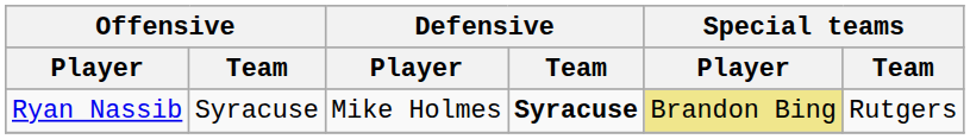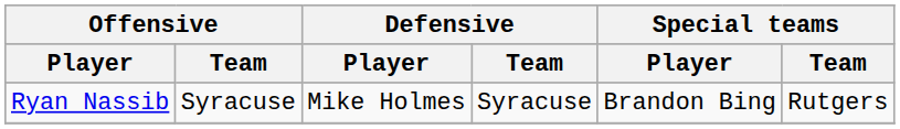 <table class="wikitable" border="1">
 <tr>
 <th colspan="2">Offensive</th>
 <th colspan="2">Defensive</th>
 <th colspan="2">Special teams</th>
 </tr>
 <tr>
 <th>Player</th>
 <th>Team</th>
 <th>Player</th>
 <th>Team</th>
 <th>Player</th>
 <th>Team</th>
 </tr>
 <tr>
 <td><a href='#'>Ryan Nassib</a></td>
 <td>Syracuse</td>
 <td>Mike Holmes</td>
-<td><strong>Syracuse</strong></td>
-<td style="background: khaki;">Brandon Bing</td>
+<td>Syracuse</td>
+<td>Brandon Bing</td>
 <td>Rutgers</td>
 </tr>
 <tr>
 </tr>
 </table>
